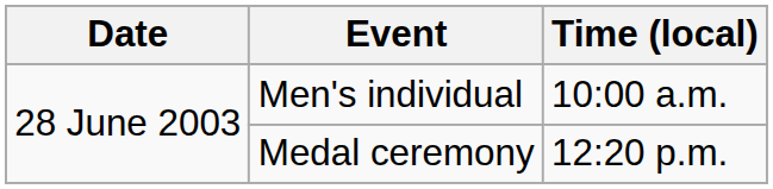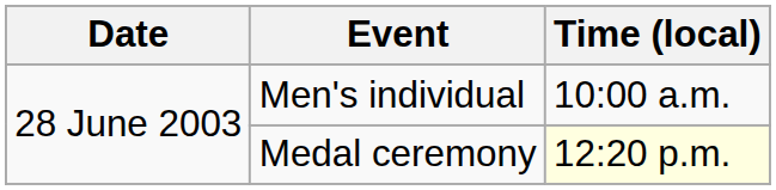 <table class="wikitable">
 <tr>
 <th>Date</th>
 <th>Event</th>
 <th>Time (local)</th>
 </tr>
 <tr>
 <td rowspan="2">28 June 2003</td>
 <td>Men's individual</td>
 <td>10:00 a.m.</td>
 </tr>
 <tr>
 <td>Medal ceremony</td>
-<td>12:20 p.m.</td>
+<td style="background: lightyellow;">12:20 p.m.</td>
 </tr>
 </table>
